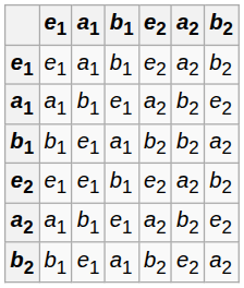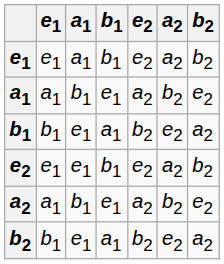 <table class="wikitable">
 <tr>
 <th></th>
 <th><em>e</em><sub>1</sub></th>
 <th><em>a</em><sub>1</sub></th>
 <th><em>b</em><sub>1</sub></th>
 <th><em>e</em><sub>2</sub></th>
 <th><em>a</em><sub>2</sub></th>
 <th><em>b</em><sub>2</sub></th>
 </tr>
 <tr>
 <th><em>e</em><sub>1</sub></th>
 <td><em>e</em><sub>1</sub></td>
 <td><em>a</em><sub>1</sub></td>
 <td><em>b</em><sub>1</sub></td>
 <td><em>e</em><sub>2</sub></td>
 <td><em>a</em><sub>2</sub></td>
 <td><em>b</em><sub>2</sub></td>
 </tr>
 <tr>
 <th><em>a</em><sub>1</sub></th>
 <td><em>a</em><sub>1</sub></td>
 <td><em>b</em><sub>1</sub></td>
 <td><em>e</em><sub>1</sub></td>
 <td><em>a</em><sub>2</sub></td>
 <td><em>b</em><sub>2</sub></td>
 <td><em>e</em><sub>2</sub></td>
 </tr>
 <tr>
 <th><em>b</em><sub>1</sub></th>
 <td><em>b</em><sub>1</sub></td>
 <td><em>e</em><sub>1</sub></td>
 <td><em>a</em><sub>1</sub></td>
 <td><em>b</em><sub>2</sub></td>
-<td><em>b</em><sub>2</sub></td>
+<td><em>e</em><sub>2</sub></td>
 <td><em>a</em><sub>2</sub></td>
 </tr>
 <tr>
 <th><em>e</em><sub>2</sub></th>
 <td><em>e</em><sub>1</sub></td>
 <td><em>e</em><sub>1</sub></td>
 <td><em>b</em><sub>1</sub></td>
 <td><em>e</em><sub>2</sub></td>
 <td><em>a</em><sub>2</sub></td>
 <td><em>b</em><sub>2</sub></td>
 </tr>
 <tr>
 <th><em>a</em><sub>2</sub></th>
 <td><em>a</em><sub>1</sub></td>
 <td><em>b</em><sub>1</sub></td>
 <td><em>e</em><sub>1</sub></td>
 <td><em>a</em><sub>2</sub></td>
 <td><em>b</em><sub>2</sub></td>
 <td><em>e</em><sub>2</sub></td>
 </tr>
 <tr>
 <th><em>b</em><sub>2</sub></th>
 <td><em>b</em><sub>1</sub></td>
 <td><em>e</em><sub>1</sub></td>
 <td><em>a</em><sub>1</sub></td>
 <td><em>b</em><sub>2</sub></td>
 <td><em>e</em><sub>2</sub></td>
 <td><em>a</em><sub>2</sub></td>
 </tr>
 </table>
